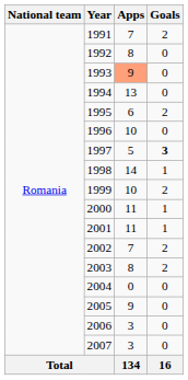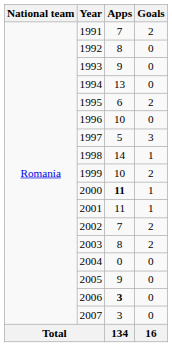 <table class="wikitable" style="text-align:center">
 <tr>
 <th>National team</th>
 <th>Year</th>
 <th>Apps</th>
 <th>Goals</th>
 </tr>
 <tr>
 <td rowspan="17"><a href='#'>Romania</a></td>
 <td>1991</td>
 <td>7</td>
 <td>2</td>
 </tr>
 <tr>
 <td>1992</td>
 <td>8</td>
 <td>0</td>
 </tr>
 <tr>
 <td>1993</td>
-<td style="background: lightsalmon;">9</td>
+<td>9</td>
 <td>0</td>
 </tr>
 <tr>
 <td>1994</td>
 <td>13</td>
 <td>0</td>
 </tr>
 <tr>
 <td>1995</td>
 <td>6</td>
 <td>2</td>
 </tr>
 <tr>
 <td>1996</td>
 <td>10</td>
 <td>0</td>
 </tr>
 <tr>
 <td>1997</td>
 <td>5</td>
-<td><strong>3</strong></td>
+<td>3</td>
 </tr>
 <tr>
 <td>1998</td>
 <td>14</td>
 <td>1</td>
 </tr>
 <tr>
 <td>1999</td>
 <td>10</td>
 <td>2</td>
 </tr>
 <tr>
 <td>2000</td>
-<td>11</td>
+<td><strong>11</strong></td>
 <td>1</td>
 </tr>
 <tr>
 <td>2001</td>
 <td>11</td>
 <td>1</td>
 </tr>
 <tr>
 <td>2002</td>
 <td>7</td>
 <td>2</td>
 </tr>
 <tr>
 <td>2003</td>
 <td>8</td>
 <td>2</td>
 </tr>
 <tr>
 <td>2004</td>
 <td>0</td>
 <td>0</td>
 </tr>
 <tr>
 <td>2005</td>
 <td>9</td>
 <td>0</td>
 </tr>
 <tr>
 <td>2006</td>
-<td>3</td>
+<td><strong>3</strong></td>
 <td>0</td>
 </tr>
 <tr>
 <td>2007</td>
 <td>3</td>
 <td>0</td>
 </tr>
 <tr>
 <th colspan="2">Total</th>
 <th>134</th>
 <th>16</th>
 </tr>
 </table>
